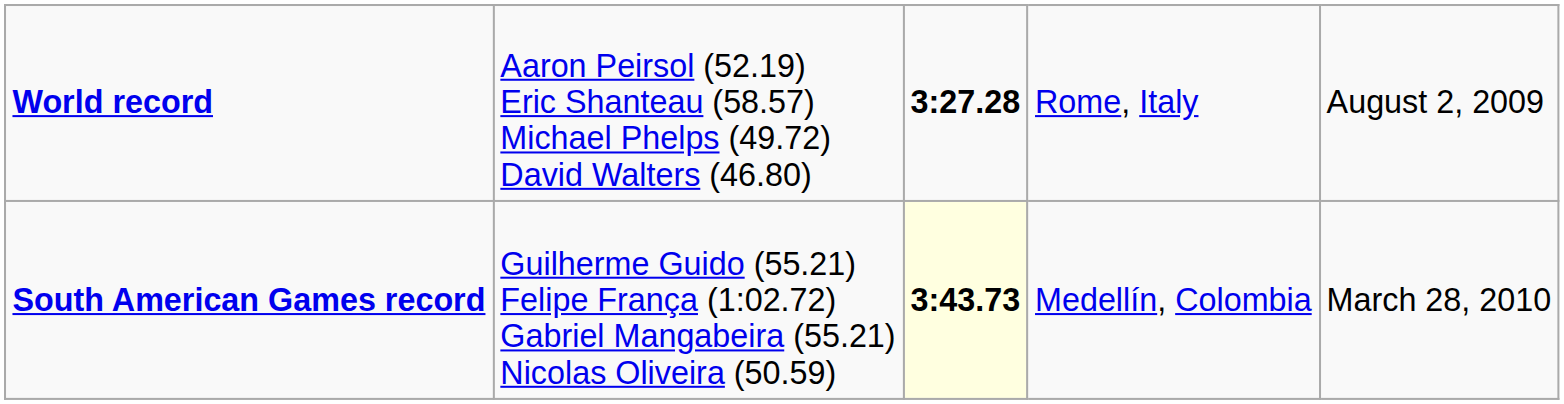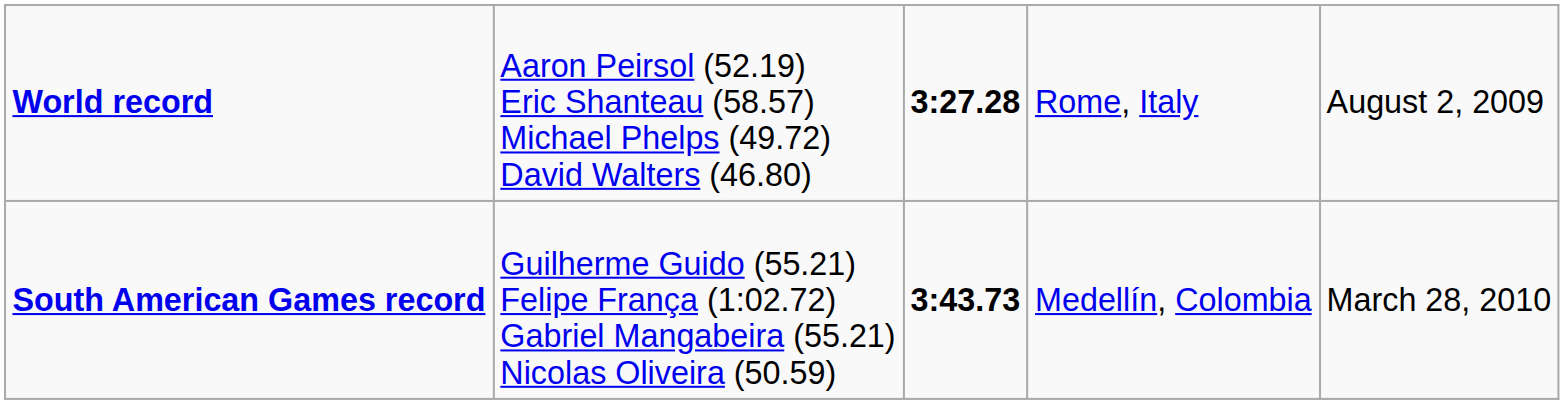 <table class="wikitable">
 <tr>
 <td><strong><a href='#'>World record</a></strong></td>
 <td><br><a href='#'>Aaron Peirsol</a> (52.19)<br><a href='#'>Eric Shanteau</a> (58.57)<br><a href='#'>Michael Phelps</a> (49.72)<br><a href='#'>David Walters</a> (46.80)</td>
 <td><strong>3:27.28</strong></td>
 <td><a href='#'>Rome</a>, <a href='#'>Italy</a></td>
 <td>August 2, 2009</td>
 </tr>
 <tr>
 <td><strong><a href='#'>South American Games record</a></strong></td>
 <td><br><a href='#'>Guilherme Guido</a> (55.21)<br><a href='#'>Felipe França</a> (1:02.72)<br><a href='#'>Gabriel Mangabeira</a> (55.21)<br><a href='#'>Nicolas Oliveira</a> (50.59)</td>
-<td style="background: lightyellow;"><strong>3:43.73</strong></td>
+<td><strong>3:43.73</strong></td>
 <td><a href='#'>Medellín</a>, <a href='#'>Colombia</a></td>
 <td>March 28, 2010</td>
 </tr>
 </table>
